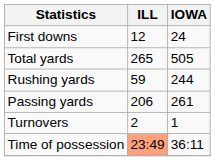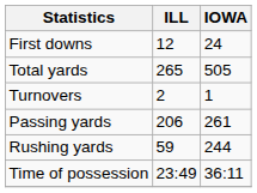 <table class="wikitable">
 <tr>
 <th>Statistics</th>
 <th>ILL</th>
 <th>IOWA</th>
 </tr>
 <tr>
 <td>First downs</td>
 <td>12</td>
 <td>24</td>
 </tr>
 <tr>
 <td>Total yards</td>
 <td>265</td>
 <td>505</td>
 </tr>
 <tr>
-<td>Rushing yards</td>
-<td>59</td>
-<td>244</td>
+<td>Turnovers</td>
+<td>2</td>
+<td>1</td>
 </tr>
 <tr>
 <td>Passing yards</td>
 <td>206</td>
 <td>261</td>
 </tr>
 <tr>
-<td>Turnovers</td>
-<td>2</td>
-<td>1</td>
+<td>Rushing yards</td>
+<td>59</td>
+<td>244</td>
 </tr>
 <tr>
 <td>Time of possession</td>
-<td style="background: lightsalmon;">23:49</td>
+<td>23:49</td>
 <td>36:11</td>
 </tr>
 <tr>
 </tr>
 </table>
